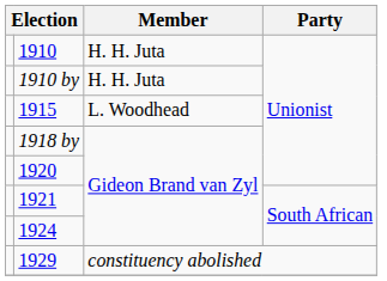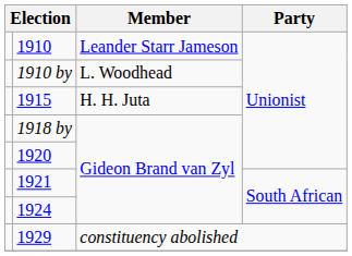 <table class="wikitable">
 <tr>
 <th colspan="2">Election</th>
 <th>Member</th>
 <th>Party</th>
 </tr>
 <tr>
 <td style="background-color: "></td>
 <td><a href='#'>1910</a></td>
-<td>H. H. Juta</td>
+<td><a href='#'>Leander Starr Jameson</a></td>
 <td rowspan="5"><a href='#'>Unionist</a></td>
 </tr>
 <tr>
 <td style="background-color: "></td>
 <td><em>1910 by</em></td>
-<td>H. H. Juta</td>
+<td>L. Woodhead</td>
 </tr>
 <tr>
 <td style="background-color: "></td>
 <td><a href='#'>1915</a></td>
-<td>L. Woodhead</td>
+<td>H. H. Juta</td>
 </tr>
 <tr>
 <td style="background-color: "></td>
 <td><em>1918 by</em></td>
 <td rowspan="4"><a href='#'>Gideon Brand van Zyl</a></td>
 </tr>
 <tr>
 <td style="background-color: "></td>
 <td><a href='#'>1920</a></td>
 </tr>
 <tr>
 <td style="background-color: "></td>
 <td><a href='#'>1921</a></td>
 <td rowspan="2"><a href='#'>South African</a></td>
 </tr>
 <tr>
 <td style="background-color: "></td>
 <td><a href='#'>1924</a></td>
 </tr>
 <tr>
 <td style="background-color: "></td>
 <td><a href='#'>1929</a></td>
 <td colspan="2"><em>constituency abolished</em></td>
 </tr>
 <tr>
 </tr>
 </table>
